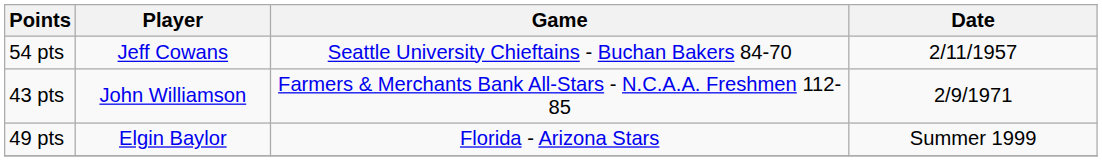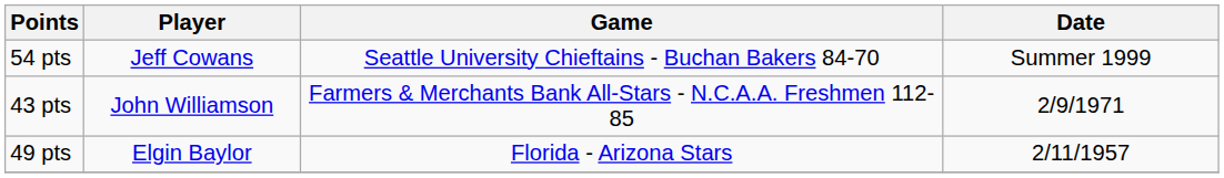 <table class="wikitable">
 <tr>
 <th width=5%>Points</th>
 <th width=18%>Player</th>
 <th width=54%>Game</th>
 <th width=23%>Date</th>
 </tr>
 <tr>
 <td>54 pts</td>
 <td align=center><a href='#'>Jeff Cowans</a></td>
 <td align=center><a href='#'>Seattle University Chieftains</a> - <a href='#'>Buchan Bakers</a> 84-70</td>
-<td align=center>2/11/1957</td>
+<td align=center>Summer 1999</td>
 </tr>
 <tr>
 <td>43 pts</td>
 <td align=center><a href='#'>John Williamson</a></td>
 <td align=center><a href='#'>Farmers & Merchants Bank All-Stars</a> - <a href='#'>N.C.A.A. Freshmen</a> 112-85</td>
 <td align=center>2/9/1971</td>
 </tr>
 <tr>
 <td>49 pts</td>
 <td align=center><a href='#'>Elgin Baylor</a></td>
 <td align=center><a href='#'>Florida</a> - <a href='#'>Arizona Stars</a></td>
-<td align=center>Summer 1999</td>
+<td align=center>2/11/1957</td>
 </tr>
 <tr>
 </tr>
 </table>
